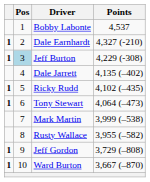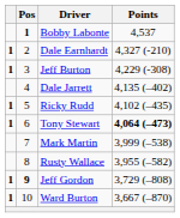 <table class="wikitable" style="font-size: 95%;">
 <tr>
 <th></th>
 <th>Pos</th>
 <th>Driver</th>
 <th>Points</th>
 </tr>
 <tr>
 <td align="left"></td>
-<td style="text-align:center;">1</td>
+<td style="text-align:center;"><strong>1</strong></td>
 <td><a href='#'>Bobby Labonte</a></td>
 <td style="text-align:center;">4,537</td>
 </tr>
 <tr>
 <td align="left">  <strong>1</strong></td>
 <td style="text-align:center;">2</td>
 <td><a href='#'>Dale Earnhardt</a></td>
 <td style="text-align:center;">4,327 (-210)</td>
 </tr>
 <tr>
 <td align="left">  <strong>1</strong></td>
-<td style="background: lightblue; text-align:center;">3</td>
+<td style="text-align:center;">3</td>
 <td><a href='#'>Jeff Burton</a></td>
 <td style="text-align:center;">4,229 (-308)</td>
 </tr>
 <tr>
 <td align="left"></td>
 <td style="text-align:center;">4</td>
 <td><a href='#'>Dale Jarrett</a></td>
 <td style="text-align:center;">4,135 (–402)</td>
 </tr>
 <tr>
 <td align="left">  <strong>1</strong></td>
 <td style="text-align:center;">5</td>
 <td><a href='#'>Ricky Rudd</a></td>
 <td style="text-align:center;">4,102 (–435)</td>
 </tr>
 <tr>
 <td align="left">  <strong>1</strong></td>
 <td style="text-align:center;">6</td>
 <td><a href='#'>Tony Stewart</a></td>
-<td style="text-align:center;">4,064 (–473)</td>
+<td style="text-align:center;"><strong>4,064 (–473)</strong></td>
 </tr>
 <tr>
 <td align="left"></td>
 <td style="text-align:center;">7</td>
 <td><a href='#'>Mark Martin</a></td>
 <td style="text-align:center;">3,999 (–538)</td>
 </tr>
 <tr>
 <td align="left"></td>
 <td style="text-align:center;">8</td>
 <td><a href='#'>Rusty Wallace</a></td>
 <td style="text-align:center;">3,955 (–582)</td>
 </tr>
 <tr>
 <td align="left">  <strong>1</strong></td>
-<td style="text-align:center;">9</td>
+<td style="text-align:center;"><strong>9</strong></td>
 <td><a href='#'>Jeff Gordon</a></td>
 <td style="text-align:center;">3,729 (–808)</td>
 </tr>
 <tr>
 <td align="left">  <strong>1</strong></td>
 <td style="text-align:center;">10</td>
 <td><a href='#'>Ward Burton</a></td>
 <td style="text-align:center;">3,667 (–870)</td>
 </tr>
 <tr class="sortbottom">
 <th colspan="9"></th>
 </tr>
 </table>
